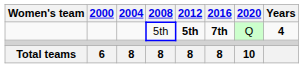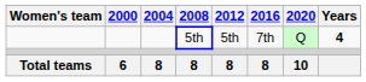 <table class="wikitable" style="text-align: center; font-size: 90%; margin-left: 1em;">
 <tr>
 <th>Women's team</th>
 <th><a href='#'>2000</a></th>
 <th><a href='#'>2004</a></th>
 <th><a href='#'>2008</a></th>
 <th><a href='#'>2012</a></th>
 <th><a href='#'>2016</a></th>
 <th><a href='#'>2020</a></th>
 <th>Years</th>
 </tr>
 <tr>
 <td style="text-align: left;"></td>
 <td></td>
 <td></td>
 <td style="border: 2px solid blue;">5th</td>
-<td><strong>5th</strong></td>
-<td><strong>7th</strong></td>
+<td>5th</td>
+<td>7th</td>
 <td style="background-color: #ccffcc;">Q</td>
 <td><strong>4</strong></td>
 </tr>
 <tr style="background-color: lightgrey;">
 <td colspan="8"></td>
 </tr>
 <tr>
 <th>Total teams</th>
 <th>6</th>
 <th>8</th>
 <th>8</th>
 <th>8</th>
 <th>8</th>
 <th>10</th>
 <th></th>
 </tr>
 </table>
